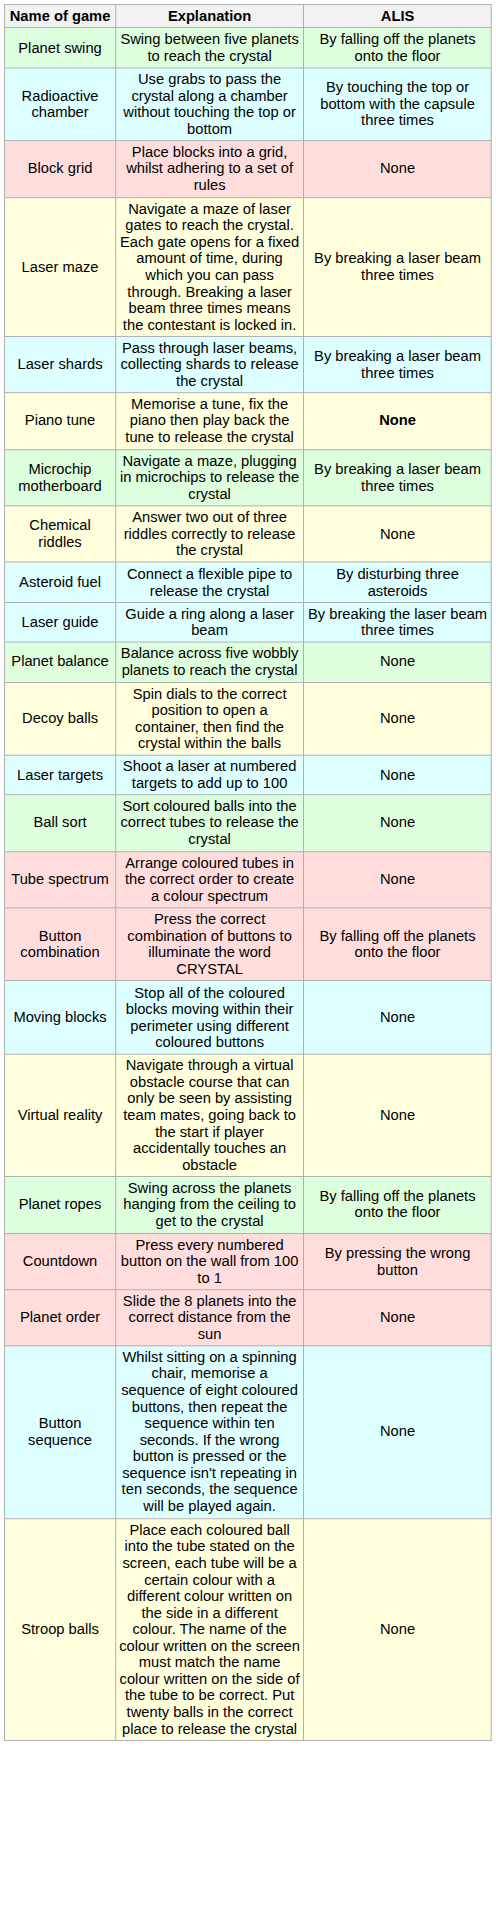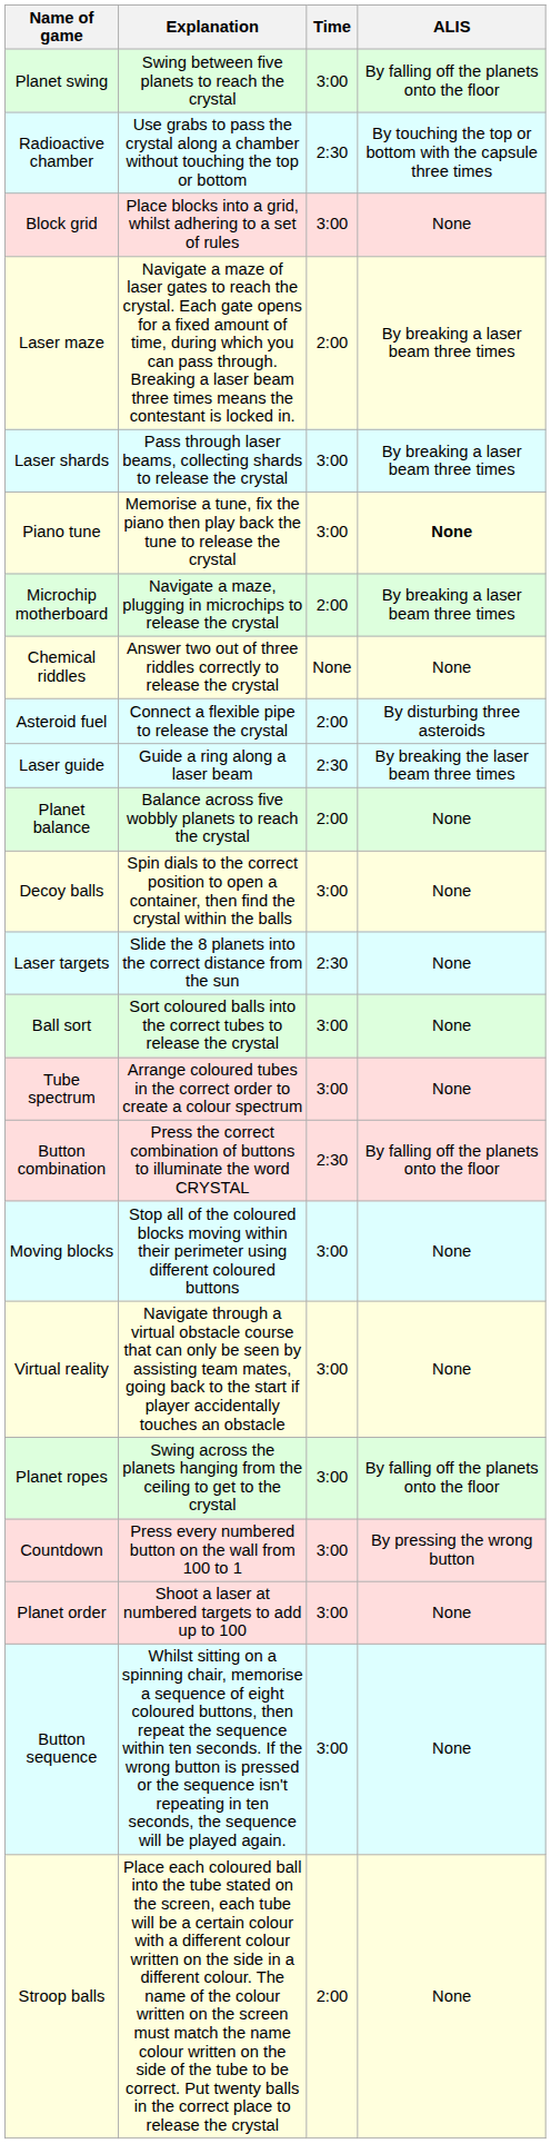 <table class="wikitable sortable"  style="width:60%; left:0 auto; text-align:center;">
 <tr>
 <th style="width:15%;">Name of game</th>
 <th style="width:30%;">Explanation</th>
+<th style="width:5%;">Time</th>
 <th style="width:30%;">ALIS</th>
 </tr>
 <tr style="background:#dfd;">
 <td>Planet swing</td>
 <td>Swing between five planets to reach the crystal</td>
+<td>3:00</td>
 <td>By falling off the planets onto the floor</td>
 </tr>
 <tr style="background:#dff;">
 <td>Radioactive chamber</td>
 <td>Use grabs to pass the crystal along a chamber without touching the top or bottom</td>
+<td>2:30</td>
 <td>By touching the top or bottom with the capsule three times</td>
 </tr>
 <tr style="background:#fdd;">
 <td>Block grid</td>
 <td>Place blocks into a grid, whilst adhering to a set of rules</td>
+<td>3:00</td>
 <td>None</td>
 </tr>
 <tr style="background:#ffd;">
 <td>Laser maze</td>
 <td>Navigate a maze of laser gates to reach the crystal. Each gate opens for a fixed amount of time, during which you can pass through. Breaking a laser beam three times means the contestant is locked in.</td>
+<td>2:00</td>
 <td>By breaking a laser beam three times</td>
 </tr>
 <tr style="background:#dff;">
 <td>Laser shards</td>
 <td>Pass through laser beams, collecting shards to release the crystal</td>
+<td>3:00</td>
 <td>By breaking a laser beam three times</td>
 </tr>
 <tr style="background:#ffd;">
 <td>Piano tune</td>
 <td>Memorise a tune, fix the piano then play back the tune to release the crystal</td>
+<td>3:00</td>
 <td><strong>None</strong></td>
 </tr>
 <tr style="background:#dfd;">
 <td>Microchip motherboard</td>
 <td>Navigate a maze, plugging in microchips to release the crystal</td>
+<td>2:00</td>
 <td>By breaking a laser beam three times</td>
 </tr>
 <tr style="background:#ffd;">
 <td>Chemical riddles</td>
 <td>Answer two out of three riddles correctly to release the crystal</td>
 <td>None</td>
+<td>None</td>
 </tr>
 <tr style="background:#dff;">
 <td>Asteroid fuel</td>
 <td>Connect a flexible pipe to release the crystal</td>
+<td>2:00</td>
 <td>By disturbing three asteroids</td>
 </tr>
 <tr style="background:#dff;">
 <td>Laser guide</td>
 <td>Guide a ring along a laser beam</td>
+<td>2:30</td>
 <td>By breaking the laser beam three times</td>
 </tr>
 <tr style="background:#dfd;">
 <td>Planet balance</td>
 <td>Balance across five wobbly planets to reach the crystal</td>
+<td>2:00</td>
 <td>None</td>
 </tr>
 <tr style="background:#ffd;">
 <td>Decoy balls</td>
 <td>Spin dials to the correct position to open a container, then find the crystal within the balls</td>
+<td>3:00</td>
 <td>None</td>
 </tr>
 <tr style="background:#dff;">
 <td>Laser targets</td>
-<td>Shoot a laser at numbered targets to add up to 100</td>
+<td>Slide the 8 planets into the correct distance from the sun</td>
+<td>2:30</td>
 <td>None</td>
 </tr>
 <tr style="background:#dfd;">
 <td>Ball sort</td>
 <td>Sort coloured balls into the correct tubes to release the crystal</td>
+<td>3:00</td>
 <td>None</td>
 </tr>
 <tr style="background:#fdd;">
 <td>Tube spectrum</td>
 <td>Arrange coloured tubes in the correct order to create a colour spectrum</td>
+<td>3:00</td>
 <td>None</td>
 </tr>
 <tr style="background:#fdd;">
 <td>Button combination</td>
 <td>Press the correct combination of buttons to illuminate the word CRYSTAL</td>
+<td>2:30</td>
 <td>By falling off the planets onto the floor</td>
 </tr>
 <tr style="background:#dff;">
 <td>Moving blocks</td>
 <td>Stop all of the coloured blocks moving within their perimeter using different coloured buttons</td>
+<td>3:00</td>
 <td>None</td>
 </tr>
 <tr style="background:#ffd;">
 <td>Virtual reality</td>
 <td>Navigate through a virtual obstacle course that can only be seen by assisting team mates, going back to the start if player accidentally touches an obstacle</td>
+<td>3:00</td>
 <td>None</td>
 </tr>
 <tr style="background:#dfd;">
 <td>Planet ropes</td>
 <td>Swing across the planets hanging from the ceiling to get to the crystal</td>
+<td>3:00</td>
 <td>By falling off the planets onto the floor</td>
 </tr>
 <tr style="background:#fdd;">
 <td>Countdown</td>
 <td>Press every numbered button on the wall from 100 to 1</td>
+<td>3:00</td>
 <td>By pressing the wrong button</td>
 </tr>
 <tr style="background:#fdd;">
 <td>Planet order</td>
-<td>Slide the 8 planets into the correct distance from the sun</td>
+<td>Shoot a laser at numbered targets to add up to 100</td>
+<td>3:00</td>
 <td>None</td>
 </tr>
 <tr style="background:#dff;">
 <td>Button sequence</td>
 <td>Whilst sitting on a spinning chair, memorise a sequence of eight coloured buttons, then repeat the sequence within ten seconds. If the wrong button is pressed or the sequence isn't repeating in ten seconds, the sequence will be played again.</td>
+<td>3:00</td>
 <td>None</td>
 </tr>
 <tr style="background:#ffd;">
 <td>Stroop balls</td>
 <td>Place each coloured ball into the tube stated on the screen, each tube will be a certain colour with a different colour written on the side in a different colour. The name of the colour written on the screen must match the name colour written on the side of the tube to be correct. Put twenty balls in the correct place to release the crystal</td>
+<td>2:00</td>
 <td>None</td>
 </tr>
 </table>
